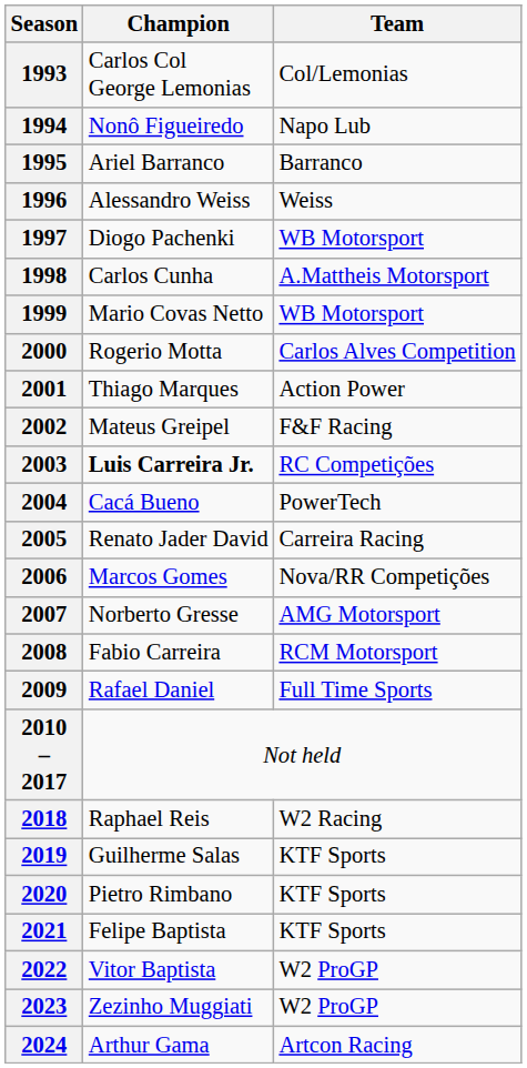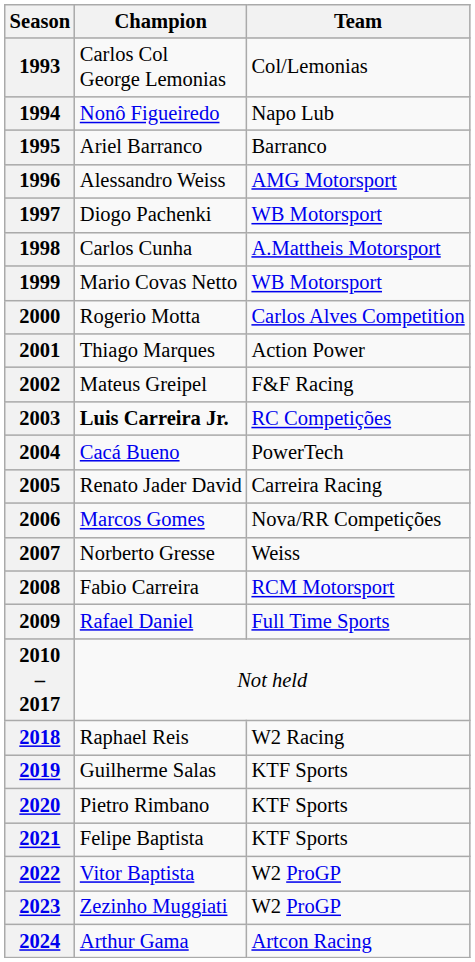 <table class="wikitable" style="font-size: 85%;">
 <tr>
 <th>Season</th>
 <th>Champion</th>
 <th>Team</th>
 </tr>
 <tr>
 <th>1993</th>
 <td>Carlos Col <br> George Lemonias</td>
 <td>Col/Lemonias</td>
 </tr>
 <tr>
 <th>1994</th>
 <td><a href='#'>Nonô Figueiredo</a></td>
 <td>Napo Lub</td>
 </tr>
 <tr>
 <th>1995</th>
 <td>Ariel Barranco</td>
 <td>Barranco</td>
 </tr>
 <tr>
 <th>1996</th>
 <td>Alessandro Weiss</td>
-<td>Weiss</td>
+<td><a href='#'>AMG Motorsport</a></td>
 </tr>
 <tr>
 <th>1997</th>
 <td>Diogo Pachenki</td>
 <td><a href='#'>WB Motorsport</a></td>
 </tr>
 <tr>
 <th>1998</th>
 <td>Carlos Cunha</td>
 <td><a href='#'>A.Mattheis Motorsport</a></td>
 </tr>
 <tr>
 <th>1999</th>
 <td>Mario Covas Netto</td>
 <td><a href='#'>WB Motorsport</a></td>
 </tr>
 <tr>
 <th>2000</th>
 <td>Rogerio Motta</td>
 <td><a href='#'>Carlos Alves Competition</a></td>
 </tr>
 <tr>
 <th>2001</th>
 <td>Thiago Marques</td>
 <td>Action Power</td>
 </tr>
 <tr>
 <th>2002</th>
 <td>Mateus Greipel</td>
 <td>F&F Racing</td>
 </tr>
 <tr>
 <th>2003</th>
 <td><strong>Luis Carreira Jr.</strong></td>
 <td><a href='#'>RC Competições</a></td>
 </tr>
 <tr>
 <th>2004</th>
 <td><a href='#'>Cacá Bueno</a></td>
 <td>PowerTech</td>
 </tr>
 <tr>
 <th>2005</th>
 <td>Renato Jader David</td>
 <td>Carreira Racing</td>
 </tr>
 <tr>
 <th>2006</th>
 <td><a href='#'>Marcos Gomes</a></td>
 <td>Nova/RR Competições</td>
 </tr>
 <tr>
 <th>2007</th>
 <td>Norberto Gresse</td>
-<td><a href='#'>AMG Motorsport</a></td>
+<td>Weiss</td>
 </tr>
 <tr>
 <th>2008</th>
 <td>Fabio Carreira</td>
 <td><a href='#'>RCM Motorsport</a></td>
 </tr>
 <tr>
 <th>2009</th>
 <td><a href='#'>Rafael Daniel</a></td>
 <td><a href='#'>Full Time Sports</a></td>
 </tr>
 <tr>
 <th>2010<br>–<br>2017</th>
 <td align=center colspan=3><em>Not held</em></td>
 </tr>
 <tr>
 <th><a href='#'>2018</a></th>
 <td>Raphael Reis</td>
 <td>W2 Racing</td>
 </tr>
 <tr>
 <th><a href='#'>2019</a></th>
 <td>Guilherme Salas</td>
 <td>KTF Sports</td>
 </tr>
 <tr>
 <th><a href='#'>2020</a></th>
 <td>Pietro Rimbano</td>
 <td>KTF Sports</td>
 </tr>
 <tr>
 <th><a href='#'>2021</a></th>
 <td>Felipe Baptista</td>
 <td>KTF Sports</td>
 </tr>
 <tr>
 <th><a href='#'>2022</a></th>
 <td><a href='#'>Vitor Baptista</a></td>
 <td>W2 <a href='#'>ProGP</a></td>
 </tr>
 <tr>
 <th><a href='#'>2023</a></th>
 <td><a href='#'>Zezinho Muggiati</a></td>
 <td>W2 <a href='#'>ProGP</a></td>
 </tr>
 <tr>
 <th><a href='#'>2024</a></th>
 <td><a href='#'>Arthur Gama</a></td>
 <td><a href='#'>Artcon Racing</a></td>
 </tr>
 </table>
